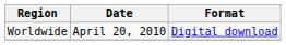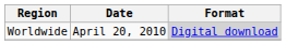 <table class="wikitable">
 <tr>
 <th>Region</th>
 <th>Date</th>
 <th>Format</th>
 </tr>
 <tr>
 <td>Worldwide</td>
 <td>April 20, 2010</td>
-<td><a href='#'>Digital download</a></td>
+<td style="background: lightgrey;"><a href='#'>Digital download</a></td>
 </tr>
 <tr>
 </tr>
 </table>
